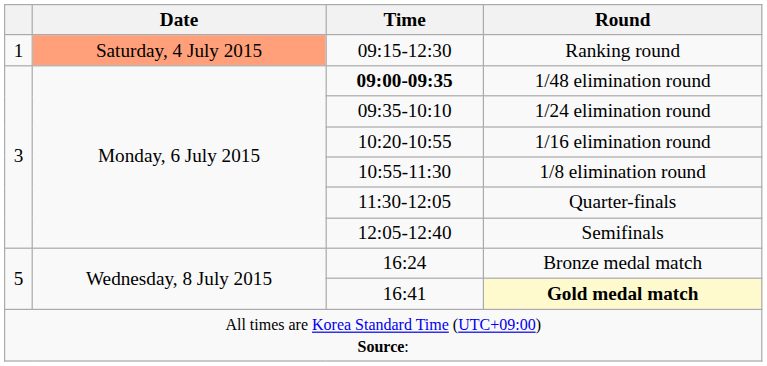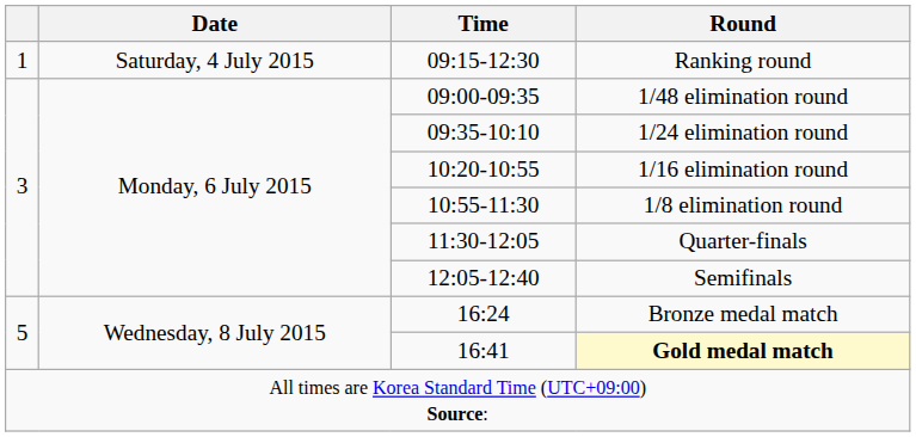 <table class="wikitable" style="text-align:center;" width=50%>
 <tr>
 <th></th>
 <th>Date</th>
 <th>Time</th>
 <th>Round</th>
 </tr>
 <tr>
 <td>1</td>
-<td style="background: lightsalmon;">Saturday, 4 July 2015</td>
+<td>Saturday, 4 July 2015</td>
 <td>09:15-12:30</td>
 <td>Ranking round</td>
 </tr>
 <tr>
 <td rowspan="6">3</td>
 <td rowspan="6">Monday, 6 July 2015</td>
-<td><strong>09:00-09:35</strong></td>
+<td>09:00-09:35</td>
 <td>1/48 elimination round</td>
 </tr>
 <tr>
 <td>09:35-10:10</td>
 <td>1/24 elimination round</td>
 </tr>
 <tr>
 <td>10:20-10:55</td>
 <td>1/16 elimination round</td>
 </tr>
 <tr>
 <td>10:55-11:30</td>
 <td>1/8 elimination round</td>
 </tr>
 <tr>
 <td>11:30-12:05</td>
 <td>Quarter-finals</td>
 </tr>
 <tr>
 <td>12:05-12:40</td>
 <td>Semifinals</td>
 </tr>
 <tr>
 <td rowspan="2">5</td>
 <td rowspan="2">Wednesday, 8 July 2015</td>
 <td>16:24</td>
 <td>Bronze medal match</td>
 </tr>
 <tr>
 <td>16:41</td>
 <td bgcolor=lemonchiffon><strong>Gold medal match</strong></td>
 </tr>
 <tr>
 <td colspan=4><small>All times are <a href='#'>Korea Standard Time</a> (<a href='#'>UTC+09:00</a>) <br> <strong>Source</strong>:</small></td>
 </tr>
 </table>
